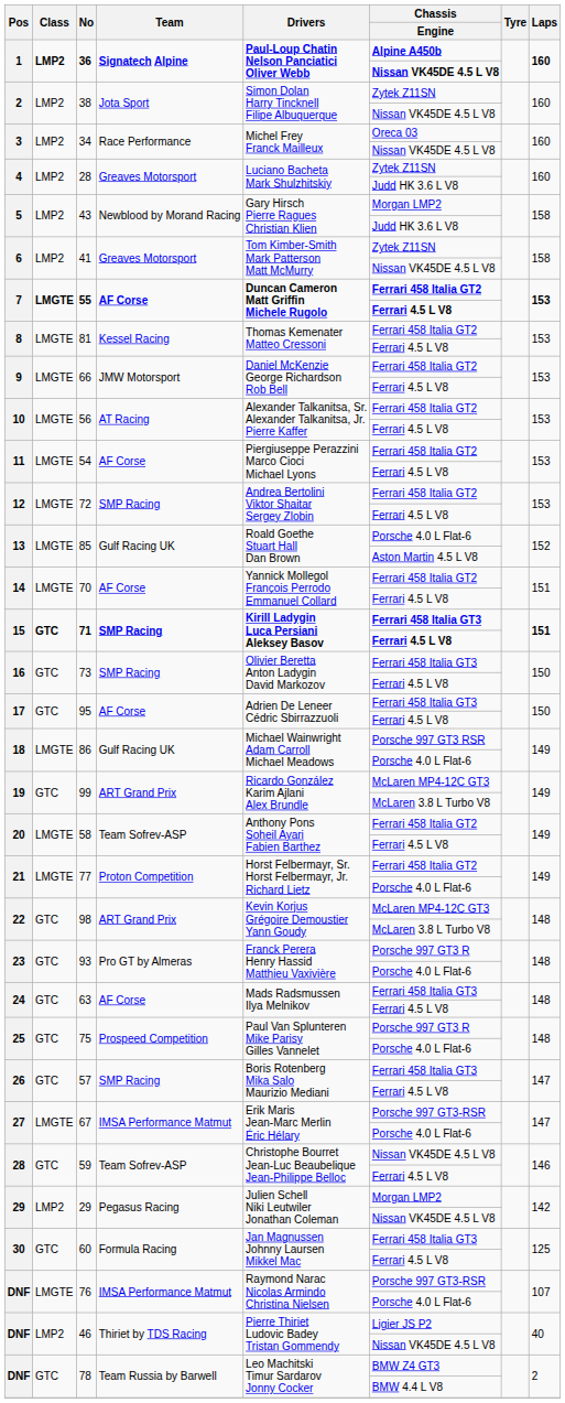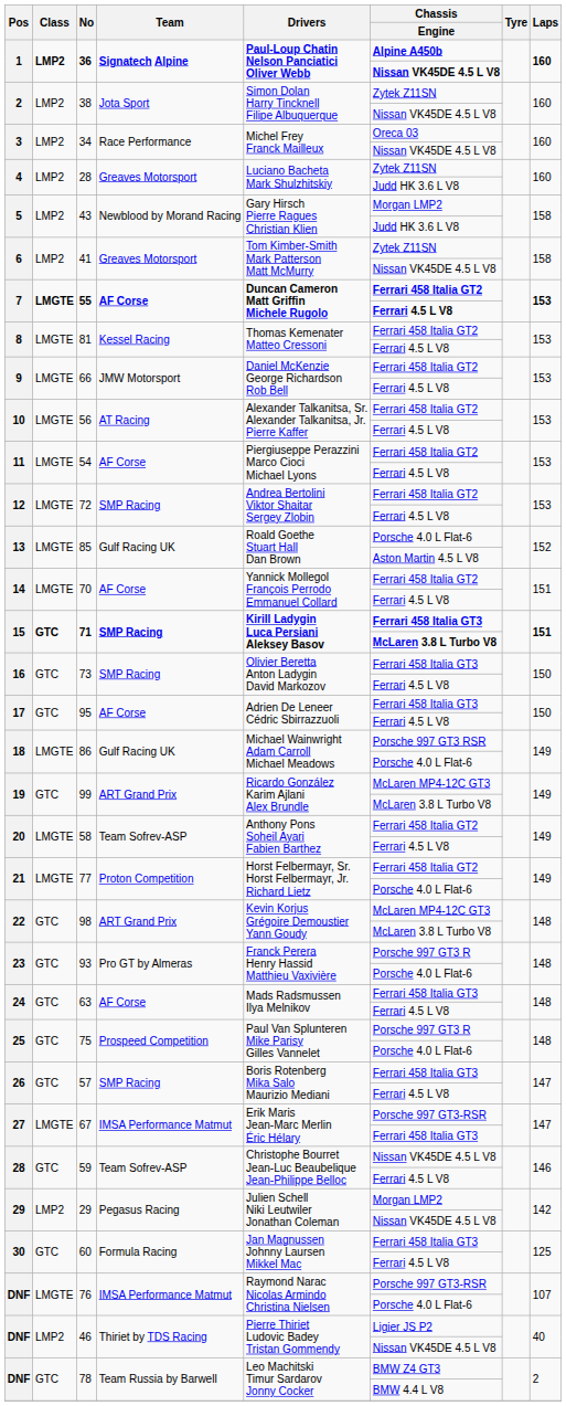 <table class="wikitable" style="font-size: 95%;">
 <tr>
 <th rowspan=2>Pos</th>
 <th rowspan=2>Class</th>
 <th rowspan=2>No</th>
 <th rowspan=2>Team</th>
 <th rowspan=2>Drivers</th>
 <th>Chassis</th>
 <th rowspan=2>Tyre</th>
 <th rowspan=2>Laps</th>
 </tr>
 <tr>
 <th>Engine</th>
 </tr>
 <tr style="font-weight:bold">
 <th rowspan=2>1</th>
 <td rowspan=2>LMP2</td>
 <td rowspan=2>36</td>
 <td rowspan=2> <a href='#'>Signatech</a> <a href='#'>Alpine</a></td>
 <td rowspan=2> <a href='#'>Paul-Loup Chatin</a><br> <a href='#'>Nelson Panciatici</a><br> <a href='#'>Oliver Webb</a></td>
 <td><a href='#'>Alpine A450b</a></td>
 <td rowspan=2></td>
 <td rowspan=2>160</td>
 </tr>
 <tr style="font-weight:bold">
 <td><a href='#'>Nissan</a> VK45DE 4.5 L V8</td>
 </tr>
 <tr>
 <th rowspan=2>2</th>
 <td rowspan=2>LMP2</td>
 <td rowspan=2>38</td>
 <td rowspan=2> <a href='#'>Jota Sport</a></td>
 <td rowspan=2> <a href='#'>Simon Dolan</a><br> <a href='#'>Harry Tincknell</a><br> <a href='#'>Filipe Albuquerque</a></td>
 <td><a href='#'>Zytek Z11SN</a></td>
 <td rowspan=2></td>
 <td rowspan=2>160</td>
 </tr>
 <tr>
 <td><a href='#'>Nissan</a> VK45DE 4.5 L V8</td>
 </tr>
 <tr>
 <th rowspan=2>3</th>
 <td rowspan=2>LMP2</td>
 <td rowspan=2>34</td>
 <td rowspan=2> Race Performance</td>
 <td rowspan=2> Michel Frey<br> <a href='#'>Franck Mailleux</a></td>
 <td><a href='#'>Oreca 03</a></td>
 <td rowspan=2></td>
 <td rowspan=2>160</td>
 </tr>
 <tr>
 <td><a href='#'>Nissan</a> VK45DE 4.5 L V8</td>
 </tr>
 <tr>
 <th rowspan=2>4</th>
 <td rowspan=2>LMP2</td>
 <td rowspan=2>28</td>
 <td rowspan=2> <a href='#'>Greaves Motorsport</a></td>
 <td rowspan=2> <a href='#'>Luciano Bacheta</a><br> <a href='#'>Mark Shulzhitskiy</a></td>
 <td><a href='#'>Zytek Z11SN</a></td>
 <td rowspan=2></td>
 <td rowspan=2>160</td>
 </tr>
 <tr>
 <td><a href='#'>Judd</a> HK 3.6 L V8</td>
 </tr>
 <tr>
 <th rowspan=2>5</th>
 <td rowspan=2>LMP2</td>
 <td rowspan=2>43</td>
 <td rowspan=2> Newblood by Morand Racing</td>
 <td rowspan=2> Gary Hirsch<br> <a href='#'>Pierre Ragues</a><br> <a href='#'>Christian Klien</a></td>
 <td><a href='#'>Morgan LMP2</a></td>
 <td rowspan=2></td>
 <td rowspan=2>158</td>
 </tr>
 <tr>
 <td><a href='#'>Judd</a> HK 3.6 L V8</td>
 </tr>
 <tr>
 <th rowspan=2>6</th>
 <td rowspan=2>LMP2</td>
 <td rowspan=2>41</td>
 <td rowspan=2> <a href='#'>Greaves Motorsport</a></td>
 <td rowspan=2> <a href='#'>Tom Kimber-Smith</a><br> <a href='#'>Mark Patterson</a><br> <a href='#'>Matt McMurry</a></td>
 <td><a href='#'>Zytek Z11SN</a></td>
 <td rowspan=2></td>
 <td rowspan=2>158</td>
 </tr>
 <tr>
 <td><a href='#'>Nissan</a> VK45DE 4.5 L V8</td>
 </tr>
 <tr style="font-weight:bold">
 <th rowspan=2>7</th>
 <td rowspan=2>LMGTE</td>
 <td rowspan=2>55</td>
 <td rowspan=2> <a href='#'>AF Corse</a></td>
 <td rowspan=2> Duncan Cameron<br> Matt Griffin<br> <a href='#'>Michele Rugolo</a></td>
 <td><a href='#'>Ferrari 458 Italia GT2</a></td>
 <td rowspan=2></td>
 <td rowspan=2>153</td>
 </tr>
 <tr style="font-weight:bold">
 <td><a href='#'>Ferrari</a> 4.5 L V8</td>
 </tr>
 <tr>
 <th rowspan=2>8</th>
 <td rowspan=2>LMGTE</td>
 <td rowspan=2>81</td>
 <td rowspan=2> <a href='#'>Kessel Racing</a></td>
 <td rowspan=2> Thomas Kemenater<br> <a href='#'>Matteo Cressoni</a></td>
 <td><a href='#'>Ferrari 458 Italia GT2</a></td>
 <td rowspan=2></td>
 <td rowspan=2>153</td>
 </tr>
 <tr>
 <td><a href='#'>Ferrari</a> 4.5 L V8</td>
 </tr>
 <tr>
 <th rowspan=2>9</th>
 <td rowspan=2>LMGTE</td>
 <td rowspan=2>66</td>
 <td rowspan=2> JMW Motorsport</td>
 <td rowspan=2> <a href='#'>Daniel McKenzie</a><br> George Richardson<br> <a href='#'>Rob Bell</a></td>
 <td><a href='#'>Ferrari 458 Italia GT2</a></td>
 <td rowspan=2></td>
 <td rowspan=2>153</td>
 </tr>
 <tr>
 <td><a href='#'>Ferrari</a> 4.5 L V8</td>
 </tr>
 <tr>
 <th rowspan=2>10</th>
 <td rowspan=2>LMGTE</td>
 <td rowspan=2>56</td>
 <td rowspan=2> <a href='#'>AT Racing</a></td>
 <td rowspan=2> Alexander Talkanitsa, Sr.<br> Alexander Talkanitsa, Jr.<br> <a href='#'>Pierre Kaffer</a></td>
 <td><a href='#'>Ferrari 458 Italia GT2</a></td>
 <td rowspan=2></td>
 <td rowspan=2>153</td>
 </tr>
 <tr>
 <td><a href='#'>Ferrari</a> 4.5 L V8</td>
 </tr>
 <tr>
 <th rowspan=2>11</th>
 <td rowspan=2>LMGTE</td>
 <td rowspan=2>54</td>
 <td rowspan=2> <a href='#'>AF Corse</a></td>
 <td rowspan=2> Piergiuseppe Perazzini<br> Marco Cioci<br> Michael Lyons</td>
 <td><a href='#'>Ferrari 458 Italia GT2</a></td>
 <td rowspan=2></td>
 <td rowspan=2>153</td>
 </tr>
 <tr>
 <td><a href='#'>Ferrari</a> 4.5 L V8</td>
 </tr>
 <tr>
 <th rowspan=2>12</th>
 <td rowspan=2>LMGTE</td>
 <td rowspan=2>72</td>
 <td rowspan=2> <a href='#'>SMP Racing</a></td>
 <td rowspan=2> <a href='#'>Andrea Bertolini</a><br> <a href='#'>Viktor Shaitar</a><br> <a href='#'>Sergey Zlobin</a></td>
 <td><a href='#'>Ferrari 458 Italia GT2</a></td>
 <td rowspan=2></td>
 <td rowspan=2>153</td>
 </tr>
 <tr>
 <td><a href='#'>Ferrari</a> 4.5 L V8</td>
 </tr>
 <tr>
 <th rowspan=2>13</th>
 <td rowspan=2>LMGTE</td>
 <td rowspan=2>85</td>
 <td rowspan=2> Gulf Racing UK</td>
 <td rowspan=2> Roald Goethe<br> <a href='#'>Stuart Hall</a><br> Dan Brown</td>
 <td><a href='#'>Porsche</a> 4.0 L Flat-6</td>
 <td rowspan=2></td>
 <td rowspan=2>152</td>
 </tr>
 <tr>
 <td><a href='#'>Aston Martin</a> 4.5 L V8</td>
 </tr>
 <tr>
 <th rowspan=2>14</th>
 <td rowspan=2>LMGTE</td>
 <td rowspan=2>70</td>
 <td rowspan=2> <a href='#'>AF Corse</a></td>
 <td rowspan=2> Yannick Mollegol<br> <a href='#'>François Perrodo</a><br> <a href='#'>Emmanuel Collard</a></td>
 <td><a href='#'>Ferrari 458 Italia GT2</a></td>
 <td rowspan=2></td>
 <td rowspan=2>151</td>
 </tr>
 <tr>
 <td><a href='#'>Ferrari</a> 4.5 L V8</td>
 </tr>
 <tr style="font-weight:bold">
 <th rowspan=2>15</th>
 <td rowspan=2>GTC</td>
 <td rowspan=2>71</td>
 <td rowspan=2> <a href='#'>SMP Racing</a></td>
 <td rowspan=2> <a href='#'>Kirill Ladygin</a><br> <a href='#'>Luca Persiani</a><br> Aleksey Basov</td>
 <td><a href='#'>Ferrari 458 Italia GT3</a></td>
 <td rowspan=2></td>
 <td rowspan=2>151</td>
 </tr>
 <tr style="font-weight:bold">
-<td><a href='#'>Ferrari</a> 4.5 L V8</td>
+<td><a href='#'>McLaren</a> 3.8 L Turbo V8</td>
 </tr>
 <tr>
 <th rowspan=2>16</th>
 <td rowspan=2>GTC</td>
 <td rowspan=2>73</td>
 <td rowspan=2> <a href='#'>SMP Racing</a></td>
 <td rowspan=2> <a href='#'>Olivier Beretta</a><br> Anton Ladygin<br> David Markozov</td>
 <td><a href='#'>Ferrari 458 Italia GT3</a></td>
 <td rowspan=2></td>
 <td rowspan=2>150</td>
 </tr>
 <tr>
 <td><a href='#'>Ferrari</a> 4.5 L V8</td>
 </tr>
 <tr>
 <th rowspan=2>17</th>
 <td rowspan=2>GTC</td>
 <td rowspan=2>95</td>
 <td rowspan=2> <a href='#'>AF Corse</a></td>
 <td rowspan=2> Adrien De Leneer<br> Cédric Sbirrazzuoli</td>
 <td><a href='#'>Ferrari 458 Italia GT3</a></td>
 <td rowspan=2></td>
 <td rowspan=2>150</td>
 </tr>
 <tr>
 <td><a href='#'>Ferrari</a> 4.5 L V8</td>
 </tr>
 <tr>
 <th rowspan=2>18</th>
 <td rowspan=2>LMGTE</td>
 <td rowspan=2>86</td>
 <td rowspan=2> Gulf Racing UK</td>
 <td rowspan=2> Michael Wainwright<br> <a href='#'>Adam Carroll</a><br> Michael Meadows</td>
 <td><a href='#'>Porsche 997 GT3 RSR</a></td>
 <td rowspan=2></td>
 <td rowspan=2>149</td>
 </tr>
 <tr>
 <td><a href='#'>Porsche</a> 4.0 L Flat-6</td>
 </tr>
 <tr>
 <th rowspan=2>19</th>
 <td rowspan=2>GTC</td>
 <td rowspan=2>99</td>
 <td rowspan=2> <a href='#'>ART Grand Prix</a></td>
 <td rowspan=2> <a href='#'>Ricardo González</a><br> Karim Ajlani<br> <a href='#'>Alex Brundle</a></td>
 <td><a href='#'>McLaren MP4-12C GT3</a></td>
 <td rowspan=2></td>
 <td rowspan=2>149</td>
 </tr>
 <tr>
 <td><a href='#'>McLaren</a> 3.8 L Turbo V8</td>
 </tr>
 <tr>
 <th rowspan=2>20</th>
 <td rowspan=2>LMGTE</td>
 <td rowspan=2>58</td>
 <td rowspan=2> Team Sofrev-ASP</td>
 <td rowspan=2> Anthony Pons<br> <a href='#'>Soheil Ayari</a><br> <a href='#'>Fabien Barthez</a></td>
 <td><a href='#'>Ferrari 458 Italia GT2</a></td>
 <td rowspan=2></td>
 <td rowspan=2>149</td>
 </tr>
 <tr>
 <td><a href='#'>Ferrari</a> 4.5 L V8</td>
 </tr>
 <tr>
 <th rowspan=2>21</th>
 <td rowspan=2>LMGTE</td>
 <td rowspan=2>77</td>
 <td rowspan=2> <a href='#'>Proton Competition</a></td>
 <td rowspan=2> Horst Felbermayr, Sr.<br> Horst Felbermayr, Jr.<br> <a href='#'>Richard Lietz</a></td>
 <td><a href='#'>Ferrari 458 Italia GT2</a></td>
 <td rowspan=2></td>
 <td rowspan=2>149</td>
 </tr>
 <tr>
 <td><a href='#'>Porsche</a> 4.0 L Flat-6</td>
 </tr>
 <tr>
 <th rowspan=2>22</th>
 <td rowspan=2>GTC</td>
 <td rowspan=2>98</td>
 <td rowspan=2> <a href='#'>ART Grand Prix</a></td>
 <td rowspan=2> <a href='#'>Kevin Korjus</a><br> <a href='#'>Grégoire Demoustier</a><br> <a href='#'>Yann Goudy</a></td>
 <td><a href='#'>McLaren MP4-12C GT3</a></td>
 <td rowspan=2></td>
 <td rowspan=2>148</td>
 </tr>
 <tr>
 <td><a href='#'>McLaren</a> 3.8 L Turbo V8</td>
 </tr>
 <tr>
 <th rowspan=2>23</th>
 <td rowspan=2>GTC</td>
 <td rowspan=2>93</td>
 <td rowspan=2> Pro GT by Almeras</td>
 <td rowspan=2> <a href='#'>Franck Perera</a><br> Henry Hassid<br> <a href='#'>Matthieu Vaxivière</a></td>
 <td><a href='#'>Porsche 997 GT3 R</a></td>
 <td rowspan=2></td>
 <td rowspan=2>148</td>
 </tr>
 <tr>
 <td><a href='#'>Porsche</a> 4.0 L Flat-6</td>
 </tr>
 <tr>
 <th rowspan=2>24</th>
 <td rowspan=2>GTC</td>
 <td rowspan=2>63</td>
 <td rowspan=2> <a href='#'>AF Corse</a></td>
 <td rowspan=2> Mads Radsmussen<br> Ilya Melnikov</td>
 <td><a href='#'>Ferrari 458 Italia GT3</a></td>
 <td rowspan=2></td>
 <td rowspan=2>148</td>
 </tr>
 <tr>
 <td><a href='#'>Ferrari</a> 4.5 L V8</td>
 </tr>
 <tr>
 <th rowspan=2>25</th>
 <td rowspan=2>GTC</td>
 <td rowspan=2>75</td>
 <td rowspan=2> <a href='#'>Prospeed Competition</a></td>
 <td rowspan=2> Paul Van Splunteren<br> <a href='#'>Mike Parisy</a><br> Gilles Vannelet</td>
 <td><a href='#'>Porsche 997 GT3 R</a></td>
 <td rowspan=2></td>
 <td rowspan=2>148</td>
 </tr>
 <tr>
 <td><a href='#'>Porsche</a> 4.0 L Flat-6</td>
 </tr>
 <tr>
 <th rowspan=2>26</th>
 <td rowspan=2>GTC</td>
 <td rowspan=2>57</td>
 <td rowspan=2> <a href='#'>SMP Racing</a></td>
 <td rowspan=2> Boris Rotenberg<br> <a href='#'>Mika Salo</a><br> Maurizio Mediani</td>
 <td><a href='#'>Ferrari 458 Italia GT3</a></td>
 <td rowspan=2></td>
 <td rowspan=2>147</td>
 </tr>
 <tr>
 <td><a href='#'>Ferrari</a> 4.5 L V8</td>
 </tr>
 <tr>
 <th rowspan=2>27</th>
 <td rowspan=2>LMGTE</td>
 <td rowspan=2>67</td>
 <td rowspan=2> <a href='#'>IMSA Performance Matmut</a></td>
 <td rowspan=2> Erik Maris<br> Jean-Marc Merlin<br> <a href='#'>Éric Hélary</a></td>
 <td><a href='#'>Porsche 997 GT3-RSR</a></td>
 <td rowspan=2></td>
 <td rowspan=2>147</td>
 </tr>
 <tr>
-<td><a href='#'>Porsche</a> 4.0 L Flat-6</td>
+<td><a href='#'>Ferrari 458 Italia GT3</a></td>
 </tr>
 <tr>
 <th rowspan=2>28</th>
 <td rowspan=2>GTC</td>
 <td rowspan=2>59</td>
 <td rowspan=2> Team Sofrev-ASP</td>
 <td rowspan=2> Christophe Bourret<br> Jean-Luc Beaubelique<br> <a href='#'>Jean-Philippe Belloc</a></td>
 <td><a href='#'>Nissan</a> VK45DE 4.5 L V8</td>
 <td rowspan=2></td>
 <td rowspan=2>146</td>
 </tr>
 <tr>
 <td><a href='#'>Ferrari</a> 4.5 L V8</td>
 </tr>
 <tr>
 <th rowspan=2>29</th>
 <td rowspan=2>LMP2</td>
 <td rowspan=2>29</td>
 <td rowspan=2> Pegasus Racing</td>
 <td rowspan=2> Julien Schell<br> Niki Leutwiler<br> Jonathan Coleman</td>
 <td><a href='#'>Morgan LMP2</a></td>
 <td rowspan=2></td>
 <td rowspan=2>142</td>
 </tr>
 <tr>
 <td><a href='#'>Nissan</a> VK45DE 4.5 L V8</td>
 </tr>
 <tr>
 <th rowspan=2>30</th>
 <td rowspan=2>GTC</td>
 <td rowspan=2>60</td>
 <td rowspan=2> Formula Racing</td>
 <td rowspan=2> <a href='#'>Jan Magnussen</a><br> Johnny Laursen<br> <a href='#'>Mikkel Mac</a></td>
 <td><a href='#'>Ferrari 458 Italia GT3</a></td>
 <td rowspan=2></td>
 <td rowspan=2>125</td>
 </tr>
 <tr>
 <td><a href='#'>Ferrari</a> 4.5 L V8</td>
 </tr>
 <tr>
 <th rowspan=2>DNF</th>
 <td rowspan=2>LMGTE</td>
 <td rowspan=2>76</td>
 <td rowspan=2> <a href='#'>IMSA Performance Matmut</a></td>
 <td rowspan=2> Raymond Narac<br> <a href='#'>Nicolas Armindo</a><br> <a href='#'>Christina Nielsen</a></td>
 <td><a href='#'>Porsche 997 GT3-RSR</a></td>
 <td rowspan=2></td>
 <td rowspan=2>107</td>
 </tr>
 <tr>
 <td><a href='#'>Porsche</a> 4.0 L Flat-6</td>
 </tr>
 <tr>
 <th rowspan=2>DNF</th>
 <td rowspan=2>LMP2</td>
 <td rowspan=2>46</td>
 <td rowspan=2> Thiriet by <a href='#'>TDS Racing</a></td>
 <td rowspan=2> <a href='#'>Pierre Thiriet</a><br> Ludovic Badey<br> <a href='#'>Tristan Gommendy</a></td>
 <td><a href='#'>Ligier JS P2</a></td>
 <td rowspan=2></td>
 <td rowspan=2>40</td>
 </tr>
 <tr>
 <td><a href='#'>Nissan</a> VK45DE 4.5 L V8</td>
 </tr>
 <tr>
 <th rowspan=2>DNF</th>
 <td rowspan=2>GTC</td>
 <td rowspan=2>78</td>
 <td rowspan=2> Team Russia by Barwell</td>
 <td rowspan=2> Leo Machitski<br> Timur Sardarov<br> <a href='#'>Jonny Cocker</a></td>
 <td><a href='#'>BMW Z4 GT3</a></td>
 <td rowspan=2></td>
 <td rowspan=2>2</td>
 </tr>
 <tr>
 <td><a href='#'>BMW</a> 4.4 L V8</td>
 </tr>
 <tr>
 </tr>
 </table>
